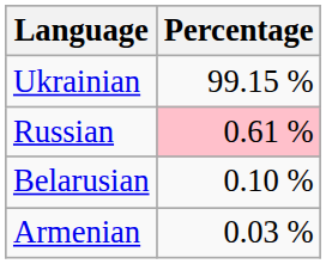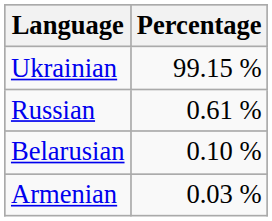 <table class="wikitable">
 <tr>
 <th>Language</th>
 <th>Percentage</th>
 </tr>
 <tr>
 <td><a href='#'>Ukrainian</a></td>
 <td align="right">99.15 %</td>
 </tr>
 <tr>
 <td><a href='#'>Russian</a></td>
-<td align="right" style="background: pink;">0.61 %</td>
+<td align="right">0.61 %</td>
 </tr>
 <tr>
 <td><a href='#'>Belarusian</a></td>
 <td align="right">0.10 %</td>
 </tr>
 <tr>
 <td><a href='#'>Armenian</a></td>
 <td align="right">0.03 %</td>
 </tr>
 </table>
